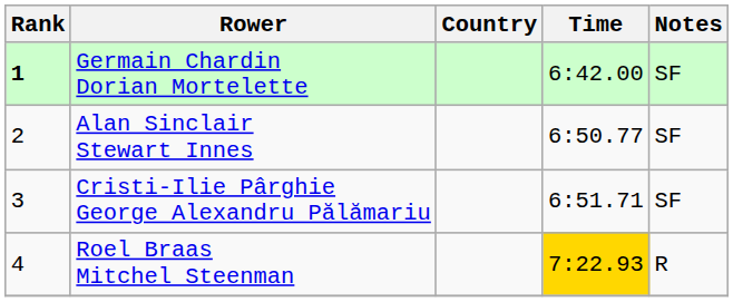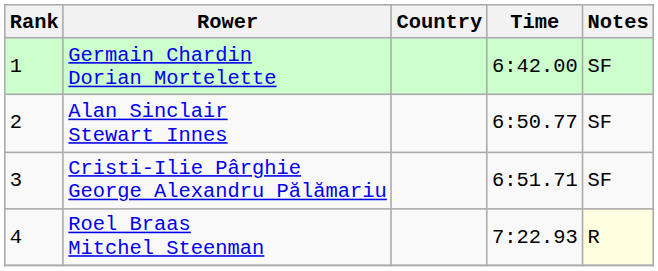 <table class="wikitable">
 <tr>
 <th>Rank</th>
 <th>Rower</th>
 <th>Country</th>
 <th>Time</th>
 <th>Notes</th>
 </tr>
 <tr bgcolor=ccffcc>
-<td><strong>1</strong></td>
+<td>1</td>
 <td><a href='#'>Germain Chardin</a><br><a href='#'>Dorian Mortelette</a></td>
 <td></td>
 <td>6:42.00</td>
 <td>SF</td>
 </tr>
 <tr -bgcolor=ccffcc>
 <td>2</td>
 <td><a href='#'>Alan Sinclair</a><br><a href='#'>Stewart Innes</a></td>
 <td></td>
 <td>6:50.77</td>
 <td>SF</td>
 </tr>
 <tr -bgcolor=ccffcc>
 <td>3</td>
 <td><a href='#'>Cristi-Ilie Pârghie</a><br><a href='#'>George Alexandru Pălămariu</a></td>
 <td></td>
 <td>6:51.71</td>
 <td>SF</td>
 </tr>
 <tr>
 <td>4</td>
 <td><a href='#'>Roel Braas</a><br><a href='#'>Mitchel Steenman</a></td>
 <td></td>
-<td style="background: gold;">7:22.93</td>
-<td>R</td>
+<td>7:22.93</td>
+<td style="background: lightyellow;">R</td>
 </tr>
 <tr>
 </tr>
 </table>
